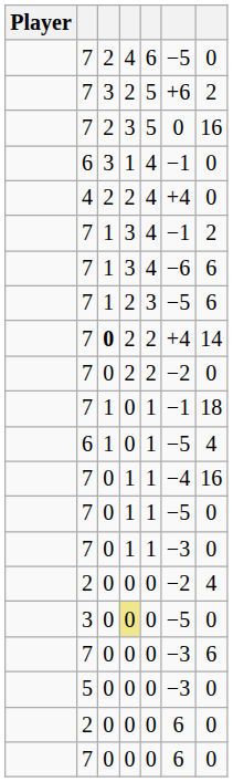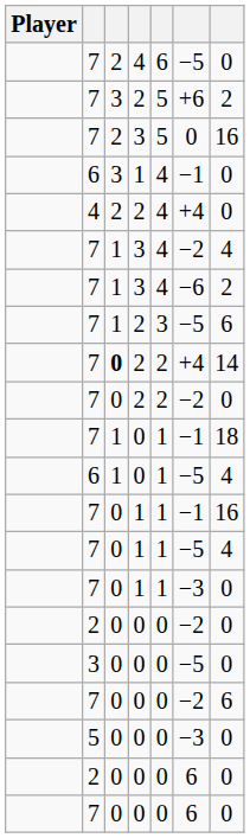 <table class="wikitable sortable" style="text-align:center;">
 <tr>
 <th>Player</th>
 <th></th>
 <th></th>
 <th></th>
 <th></th>
 <th data-sort-type="number"></th>
 <th></th>
 </tr>
 <tr>
 <td></td>
 <td>7</td>
 <td>2</td>
 <td>4</td>
 <td>6</td>
 <td>−5</td>
 <td>0</td>
 </tr>
 <tr>
 <td></td>
 <td>7</td>
 <td>3</td>
 <td>2</td>
 <td>5</td>
 <td>+6</td>
 <td>2</td>
 </tr>
 <tr>
 <td></td>
 <td>7</td>
 <td>2</td>
 <td>3</td>
 <td>5</td>
 <td>0</td>
 <td>16</td>
 </tr>
 <tr>
 <td></td>
 <td>6</td>
 <td>3</td>
 <td>1</td>
 <td>4</td>
 <td>−1</td>
 <td>0</td>
 </tr>
 <tr>
 <td></td>
 <td>4</td>
 <td>2</td>
 <td>2</td>
 <td>4</td>
 <td>+4</td>
 <td>0</td>
 </tr>
 <tr>
 <td></td>
 <td>7</td>
 <td>1</td>
 <td>3</td>
 <td>4</td>
-<td>−1</td>
-<td>2</td>
+<td>−2</td>
+<td>4</td>
 </tr>
 <tr>
 <td></td>
 <td>7</td>
 <td>1</td>
 <td>3</td>
 <td>4</td>
 <td>−6</td>
-<td>6</td>
+<td>2</td>
 </tr>
 <tr>
 <td></td>
 <td>7</td>
 <td>1</td>
 <td>2</td>
 <td>3</td>
 <td>−5</td>
 <td>6</td>
 </tr>
 <tr>
 <td></td>
 <td>7</td>
 <td><strong>0</strong></td>
 <td>2</td>
 <td>2</td>
 <td>+4</td>
 <td>14</td>
 </tr>
 <tr>
 <td></td>
 <td>7</td>
 <td>0</td>
 <td>2</td>
 <td>2</td>
 <td>−2</td>
 <td>0</td>
 </tr>
 <tr>
 <td></td>
 <td>7</td>
 <td>1</td>
 <td>0</td>
 <td>1</td>
 <td>−1</td>
 <td>18</td>
 </tr>
 <tr>
 <td></td>
 <td>6</td>
 <td>1</td>
 <td>0</td>
 <td>1</td>
 <td>−5</td>
 <td>4</td>
 </tr>
 <tr>
 <td></td>
 <td>7</td>
 <td>0</td>
 <td>1</td>
 <td>1</td>
-<td>−4</td>
+<td>−1</td>
 <td>16</td>
 </tr>
 <tr>
 <td></td>
 <td>7</td>
 <td>0</td>
 <td>1</td>
 <td>1</td>
 <td>−5</td>
-<td>0</td>
+<td>4</td>
 </tr>
 <tr>
 <td></td>
 <td>7</td>
 <td>0</td>
 <td>1</td>
 <td>1</td>
 <td>−3</td>
 <td>0</td>
 </tr>
 <tr>
 <td></td>
 <td>2</td>
 <td>0</td>
 <td>0</td>
 <td>0</td>
 <td>−2</td>
-<td>4</td>
+<td>0</td>
 </tr>
 <tr>
 <td></td>
 <td>3</td>
 <td>0</td>
-<td style="background: khaki;">0</td>
+<td>0</td>
 <td>0</td>
 <td>−5</td>
 <td>0</td>
 </tr>
 <tr>
 <td></td>
 <td>7</td>
 <td>0</td>
 <td>0</td>
 <td>0</td>
-<td>−3</td>
+<td>−2</td>
 <td>6</td>
 </tr>
 <tr>
 <td></td>
 <td>5</td>
 <td>0</td>
 <td>0</td>
 <td>0</td>
 <td>−3</td>
 <td>0</td>
 </tr>
 <tr>
 <td></td>
 <td>2</td>
 <td>0</td>
 <td>0</td>
 <td>0</td>
 <td>6</td>
 <td>0</td>
 </tr>
 <tr>
 <td></td>
 <td>7</td>
 <td>0</td>
 <td>0</td>
 <td>0</td>
 <td>6</td>
 <td>0</td>
 </tr>
 </table>
